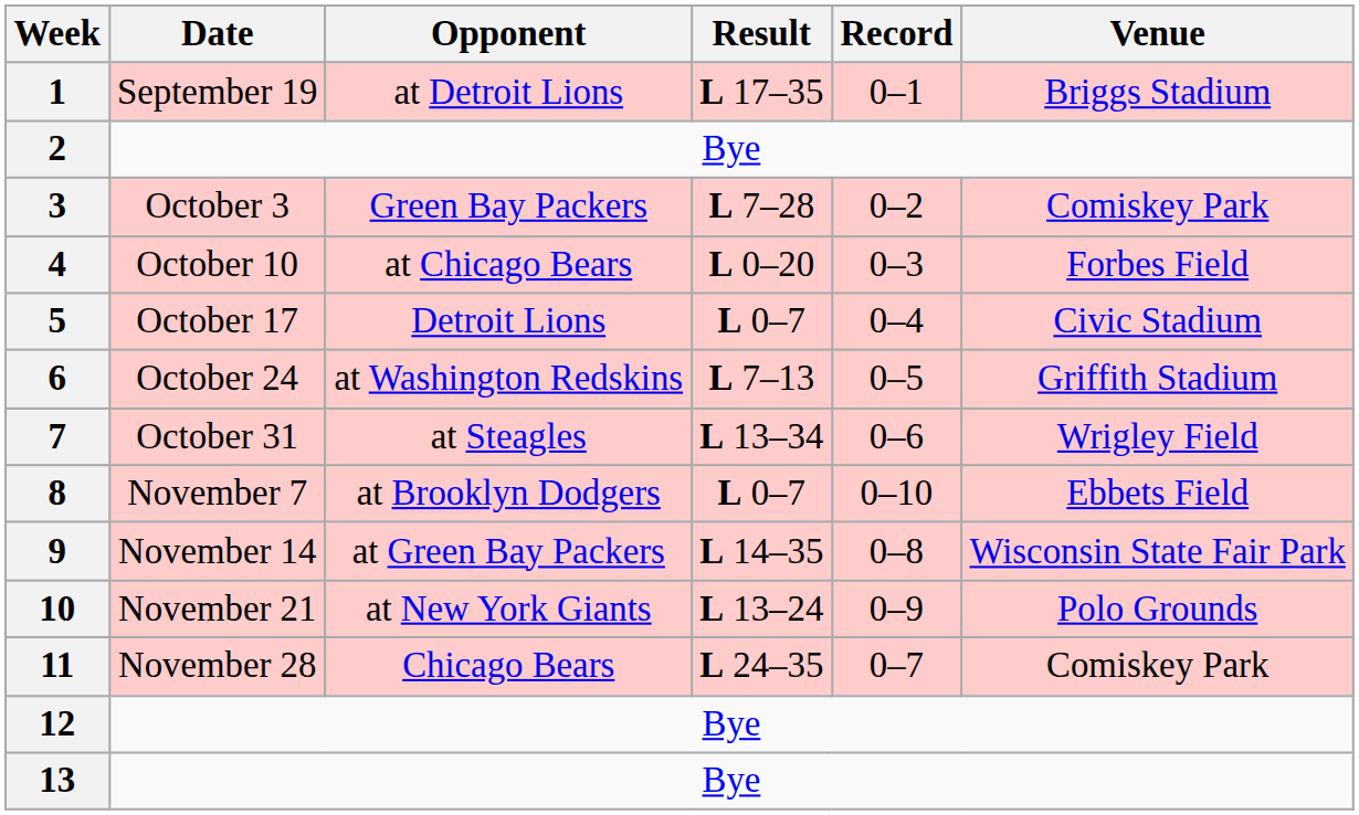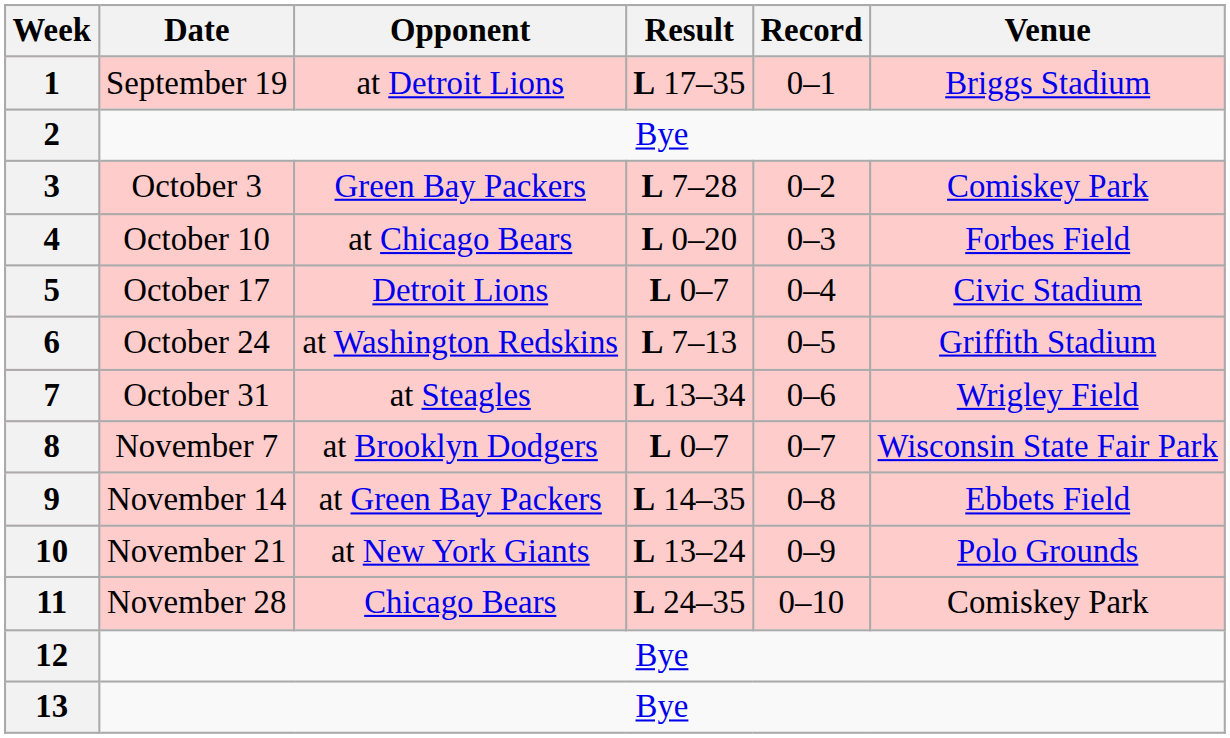 <table class="wikitable" style="text-align:center">
 <tr>
 <th>Week</th>
 <th>Date</th>
 <th>Opponent</th>
 <th>Result</th>
 <th>Record</th>
 <th>Venue</th>
 </tr>
 <tr style="background:#fcc">
 <th>1</th>
 <td>September 19</td>
 <td>at <a href='#'>Detroit Lions</a></td>
 <td><strong>L</strong> 17–35</td>
 <td>0–1</td>
 <td><a href='#'>Briggs Stadium</a></td>
 </tr>
 <tr>
 <th>2</th>
 <td colspan="5"><a href='#'>Bye</a></td>
 </tr>
 <tr style="background:#fcc">
 <th>3</th>
 <td>October 3</td>
 <td><a href='#'>Green Bay Packers</a></td>
 <td><strong>L</strong> 7–28</td>
 <td>0–2</td>
 <td><a href='#'>Comiskey Park</a></td>
 </tr>
 <tr style="background:#fcc">
 <th>4</th>
 <td>October 10</td>
 <td>at <a href='#'>Chicago Bears</a></td>
 <td><strong>L</strong> 0–20</td>
 <td>0–3</td>
 <td><a href='#'>Forbes Field</a></td>
 </tr>
 <tr style="background:#fcc">
 <th>5</th>
 <td>October 17</td>
 <td><a href='#'>Detroit Lions</a></td>
 <td><strong>L</strong> 0–7</td>
 <td>0–4</td>
 <td><a href='#'>Civic Stadium</a></td>
 </tr>
 <tr style="background:#fcc">
 <th>6</th>
 <td>October 24</td>
 <td>at <a href='#'>Washington Redskins</a></td>
 <td><strong>L</strong> 7–13</td>
 <td>0–5</td>
 <td><a href='#'>Griffith Stadium</a></td>
 </tr>
 <tr style="background:#fcc">
 <th>7</th>
 <td>October 31</td>
 <td>at <a href='#'>Steagles</a></td>
 <td><strong>L</strong> 13–34</td>
 <td>0–6</td>
 <td><a href='#'>Wrigley Field</a></td>
 </tr>
 <tr style="background:#fcc">
 <th>8</th>
 <td>November 7</td>
 <td>at <a href='#'>Brooklyn Dodgers</a></td>
 <td><strong>L</strong> 0–7</td>
-<td>0–10</td>
-<td><a href='#'>Ebbets Field</a></td>
+<td>0–7</td>
+<td><a href='#'>Wisconsin State Fair Park</a></td>
 </tr>
 <tr style="background:#fcc">
 <th>9</th>
 <td>November 14</td>
 <td>at <a href='#'>Green Bay Packers</a></td>
 <td><strong>L</strong> 14–35</td>
 <td>0–8</td>
-<td><a href='#'>Wisconsin State Fair Park</a></td>
+<td><a href='#'>Ebbets Field</a></td>
 </tr>
 <tr style="background:#fcc">
 <th>10</th>
 <td>November 21</td>
 <td>at <a href='#'>New York Giants</a></td>
 <td><strong>L</strong> 13–24</td>
 <td>0–9</td>
 <td><a href='#'>Polo Grounds</a></td>
 </tr>
 <tr style="background:#fcc">
 <th>11</th>
 <td>November 28</td>
 <td><a href='#'>Chicago Bears</a></td>
 <td><strong>L</strong> 24–35</td>
-<td>0–7</td>
+<td>0–10</td>
 <td>Comiskey Park</td>
 </tr>
 <tr>
 <th>12</th>
 <td colspan="5"><a href='#'>Bye</a></td>
 </tr>
 <tr>
 <th>13</th>
 <td colspan="5"><a href='#'>Bye</a></td>
 </tr>
 </table>
